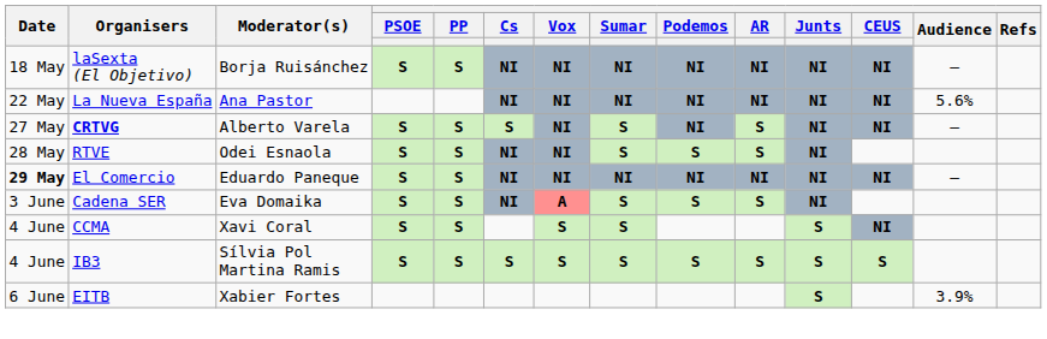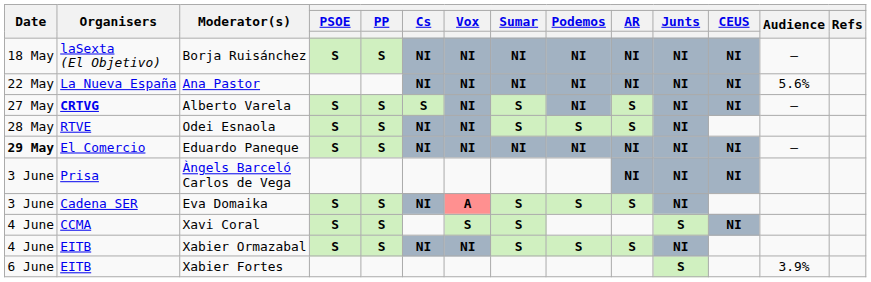 <table class="wikitable" style="text-align:center;">
 <tr>
 <th rowspan="3">Date</th>
 <th rowspan="3">Organisers</th>
 <th rowspan="3">Moderator(s)</th>
 <th colspan="11">        </th>
 </tr>
 <tr>
 <th scope="col" style="width:5em;"><a href='#'>PSOE</a></th>
 <th scope="col" style="width:5em;"><a href='#'>PP</a></th>
 <th scope="col" style="width:5em;"><a href='#'>Cs</a></th>
 <th scope="col" style="width:5em;"><a href='#'>Vox</a></th>
 <th scope="col" style="width:5em;"><a href='#'>Sumar</a></th>
 <th scope="col" style="width:5em;"><a href='#'>Podemos</a></th>
 <th scope="col" style="width:5em;"><a href='#'>AR</a></th>
 <th scope="col" style="width:5em;"><a href='#'>Junts</a></th>
 <th scope="col" style="width:5em;"><a href='#'>CEUS</a></th>
 <th rowspan="2" scope="col" style="width:5em;">Audience</th>
 <th rowspan="2">Refs</th>
 </tr>
 <tr>
 <th style="color:inherit;background:"></th>
 <th style="color:inherit;background:"></th>
 <th style="color:inherit;background:"></th>
 <th style="color:inherit;background:"></th>
 <th style="color:inherit;background:"></th>
 <th style="color:inherit;background:"></th>
 <th style="color:inherit;background:"></th>
 <th style="color:inherit;background:"></th>
 <th style="color:inherit;background:"></th>
 </tr>
 <tr>
 <td style="white-space:nowrap; text-align:left;">18 May</td>
 <td style="white-space:nowrap; text-align:left;"><a href='#'>laSexta</a><br><em>(El Objetivo)</em></td>
 <td style="white-space:nowrap; text-align:left;">Borja Ruisánchez</td>
 <td style="background:#D0F0C0;"><strong>S</strong><br></td>
 <td style="background:#D0F0C0;"><strong>S</strong><br></td>
 <td style="background:#A2B2C2;"><strong>NI</strong></td>
 <td style="background:#A2B2C2;"><strong>NI</strong></td>
 <td style="background:#A2B2C2;"><strong>NI</strong></td>
 <td style="background:#A2B2C2;"><strong>NI</strong></td>
 <td style="background:#A2B2C2;"><strong>NI</strong></td>
 <td style="background:#A2B2C2;"><strong>NI</strong></td>
 <td style="background:#A2B2C2;"><strong>NI</strong></td>
 <td>—</td>
 <td></td>
 </tr>
 <tr>
 <td style="white-space:nowrap; text-align:left;">22 May</td>
 <td style="white-space:nowrap; text-align:left;"><a href='#'>La Nueva España</a></td>
 <td style="white-space:nowrap; text-align:left;"><a href='#'>Ana Pastor</a></td>
 <td></td>
 <td></td>
 <td style="background:#A2B2C2;"><strong>NI</strong></td>
 <td style="background:#A2B2C2;"><strong>NI</strong></td>
 <td style="background:#A2B2C2;"><strong>NI</strong></td>
 <td style="background:#A2B2C2;"><strong>NI</strong></td>
 <td style="background:#A2B2C2;"><strong>NI</strong></td>
 <td style="background:#A2B2C2;"><strong>NI</strong></td>
 <td style="background:#A2B2C2;"><strong>NI</strong></td>
 <td>5.6%<br></td>
 </tr>
 <tr>
 <td style="white-space:nowrap; text-align:left;">27 May</td>
 <td style="white-space:nowrap; text-align:left;"><strong><a href='#'>CRTVG</a></strong></td>
 <td style="white-space:nowrap; text-align:left;">Alberto Varela</td>
 <td style="background:#D0F0C0;"><strong>S</strong><br></td>
 <td style="background:#D0F0C0;"><strong>S</strong><br></td>
 <td style="background:#D0F0C0;"><strong>S</strong><br></td>
 <td style="background:#A2B2C2;"><strong>NI</strong></td>
 <td style="background:#D0F0C0;"><strong>S</strong><br></td>
 <td style="background:#A2B2C2;"><strong>NI</strong></td>
 <td style="background:#D0F0C0;"><strong>S</strong><br></td>
 <td style="background:#A2B2C2;"><strong>NI</strong></td>
 <td style="background:#A2B2C2;"><strong>NI</strong></td>
 <td>—</td>
 <td><br></td>
 </tr>
 <tr>
 <td style="white-space:nowrap; text-align:left;">28 May</td>
 <td style="white-space:nowrap; text-align:left;"><a href='#'>RTVE</a></td>
 <td style="white-space:nowrap; text-align:left;">Odei Esnaola</td>
 <td style="background:#D0F0C0;"><strong>S</strong><br></td>
 <td style="background:#D0F0C0;"><strong>S</strong><br></td>
 <td style="background:#A2B2C2;"><strong>NI</strong></td>
 <td style="background:#A2B2C2;"><strong>NI</strong></td>
 <td style="background:#D0F0C0;"><strong>S</strong><br></td>
 <td style="background:#D0F0C0;"><strong>S</strong><br></td>
 <td style="background:#D0F0C0;"><strong>S</strong><br></td>
 <td style="background:#A2B2C2;"><strong>NI</strong></td>
 <td></td>
 <td></td>
 <td><br></td>
 </tr>
 <tr>
 <td style="white-space:nowrap; text-align:left;"><strong>29 May</strong></td>
 <td style="white-space:nowrap; text-align:left;"><a href='#'>El Comercio</a></td>
 <td style="white-space:nowrap; text-align:left;">Eduardo Paneque</td>
 <td style="background:#D0F0C0;"><strong>S</strong><br></td>
 <td style="background:#D0F0C0;"><strong>S</strong><br></td>
 <td style="background:#A2B2C2;"><strong>NI</strong></td>
 <td style="background:#A2B2C2;"><strong>NI</strong></td>
 <td style="background:#A2B2C2;"><strong>NI</strong></td>
 <td style="background:#A2B2C2;"><strong>NI</strong></td>
 <td style="background:#A2B2C2;"><strong>NI</strong></td>
 <td style="background:#A2B2C2;"><strong>NI</strong></td>
 <td style="background:#A2B2C2;"><strong>NI</strong></td>
 <td>—</td>
 <td></td>
 </tr>
 <tr>
 <td style="white-space:nowrap; text-align:left;">3 June</td>
+<td style="white-space:nowrap; text-align:left;"><a href='#'>Prisa</a></td>
+<td style="white-space:nowrap; text-align:left;"><a href='#'>Àngels Barceló</a><br>Carlos de Vega</td>
+<td></td>
+<td></td>
+<td></td>
+<td></td>
+<td></td>
+<td></td>
+<td style="background:#A2B2C2;"><strong>NI</strong></td>
+<td style="background:#A2B2C2;"><strong>NI</strong></td>
+<td style="background:#A2B2C2;"><strong>NI</strong></td>
+<td></td>
+<td><br></td>
+</tr>
+<tr>
+<td style="white-space:nowrap; text-align:left;">3 June</td>
 <td style="white-space:nowrap; text-align:left;"><a href='#'>Cadena SER</a></td>
 <td style="white-space:nowrap; text-align:left;">Eva Domaika</td>
 <td style="background:#D0F0C0;"><strong>S</strong><br></td>
 <td style="background:#D0F0C0;"><strong>S</strong><br></td>
 <td style="background:#A2B2C2;"><strong>NI</strong></td>
 <td style="background:#FF9090;"><strong>A</strong></td>
 <td style="background:#D0F0C0;"><strong>S</strong><br></td>
 <td style="background:#D0F0C0;"><strong>S</strong><br></td>
 <td style="background:#D0F0C0;"><strong>S</strong><br></td>
 <td style="background:#A2B2C2;"><strong>NI</strong></td>
 <td></td>
 <td></td>
 <td></td>
 </tr>
 <tr>
 <td style="white-space:nowrap; text-align:left;">4 June</td>
 <td style="white-space:nowrap; text-align:left;"><a href='#'>CCMA</a></td>
 <td style="white-space:nowrap; text-align:left;">Xavi Coral</td>
 <td style="background:#D0F0C0;"><strong>S</strong><br></td>
 <td style="background:#D0F0C0;"><strong>S</strong><br></td>
 <td></td>
 <td style="background:#D0F0C0;"><strong>S</strong><br></td>
 <td style="background:#D0F0C0;"><strong>S</strong><br></td>
 <td></td>
 <td></td>
 <td style="background:#D0F0C0;"><strong>S</strong><br></td>
 <td style="background:#A2B2C2;"><strong>NI</strong></td>
 <td></td>
 <td></td>
 </tr>
 <tr>
 <td style="white-space:nowrap; text-align:left;">4 June</td>
-<td style="white-space:nowrap; text-align:left;"><a href='#'>IB3</a></td>
-<td style="white-space:nowrap; text-align:left;">Sílvia Pol<br>Martina Ramis</td>
+<td style="white-space:nowrap; text-align:left;"><a href='#'>EITB</a></td>
+<td style="white-space:nowrap; text-align:left;">Xabier Ormazabal</td>
+<td style="background:#D0F0C0;"><strong>S</strong><br></td>
+<td style="background:#D0F0C0;"><strong>S</strong><br></td>
+<td style="background:#A2B2C2;"><strong>NI</strong></td>
+<td style="background:#A2B2C2;"><strong>NI</strong></td>
 <td style="background:#D0F0C0;"><strong>S</strong><br></td>
 <td style="background:#D0F0C0;"><strong>S</strong><br></td>
 <td style="background:#D0F0C0;"><strong>S</strong><br></td>
-<td style="background:#D0F0C0;"><strong>S</strong><br></td>
-<td style="background:#D0F0C0;"><strong>S</strong><br></td>
-<td style="background:#D0F0C0;"><strong>S</strong><br></td>
-<td style="background:#D0F0C0;"><strong>S</strong><br></td>
-<td style="background:#D0F0C0;"><strong>S</strong><br></td>
-<td style="background:#D0F0C0;"><strong>S</strong><br></td>
+<td style="background:#A2B2C2;"><strong>NI</strong></td>
+<td></td>
 <td></td>
 <td></td>
 </tr>
 <tr>
 <td style="white-space:nowrap; text-align:left;">6 June</td>
 <td style="white-space:nowrap; text-align:left;"><a href='#'>EITB</a></td>
 <td style="white-space:nowrap; text-align:left;">Xabier Fortes</td>
 <td></td>
 <td></td>
 <td></td>
 <td></td>
 <td></td>
 <td></td>
 <td></td>
 <td style="background:#D0F0C0;"><strong>S</strong><br></td>
 <td></td>
 <td>3.9%<br></td>
 <td><br></td>
 </tr>
 </table>
